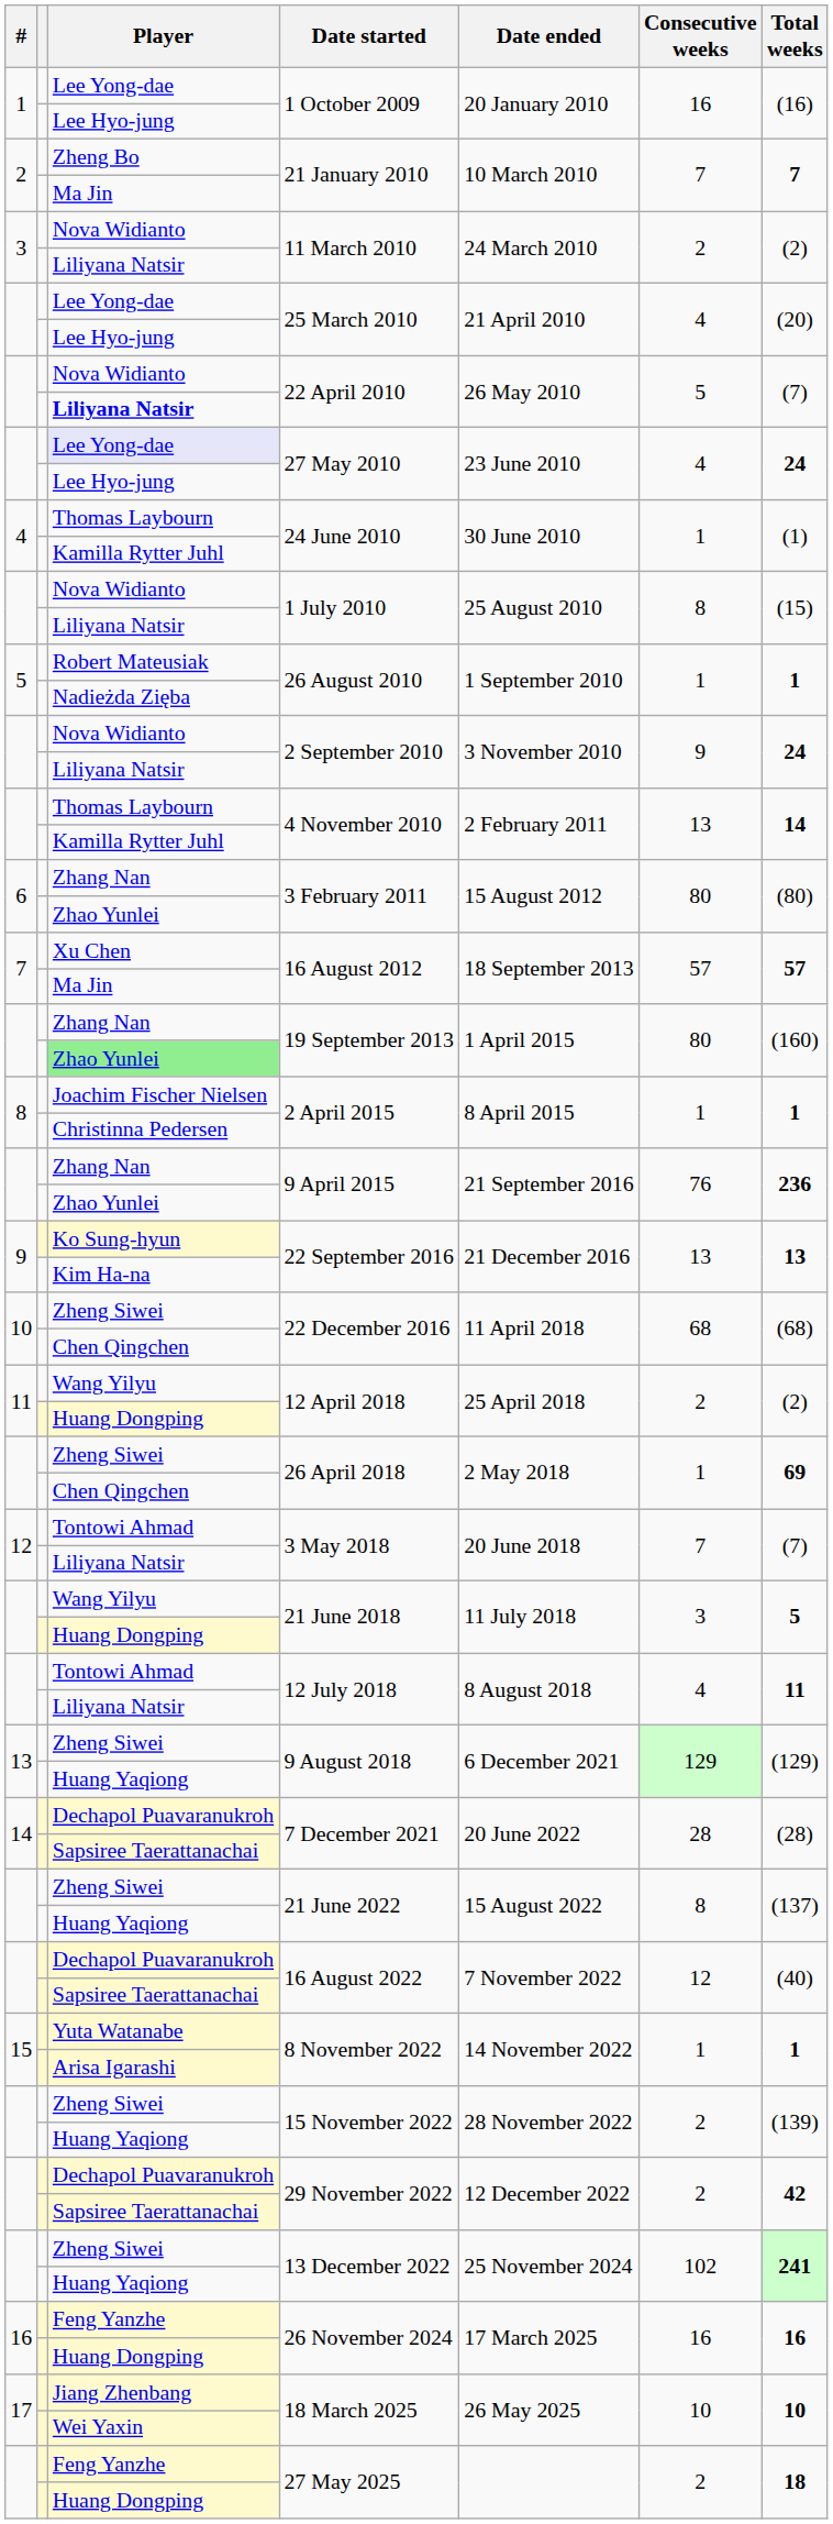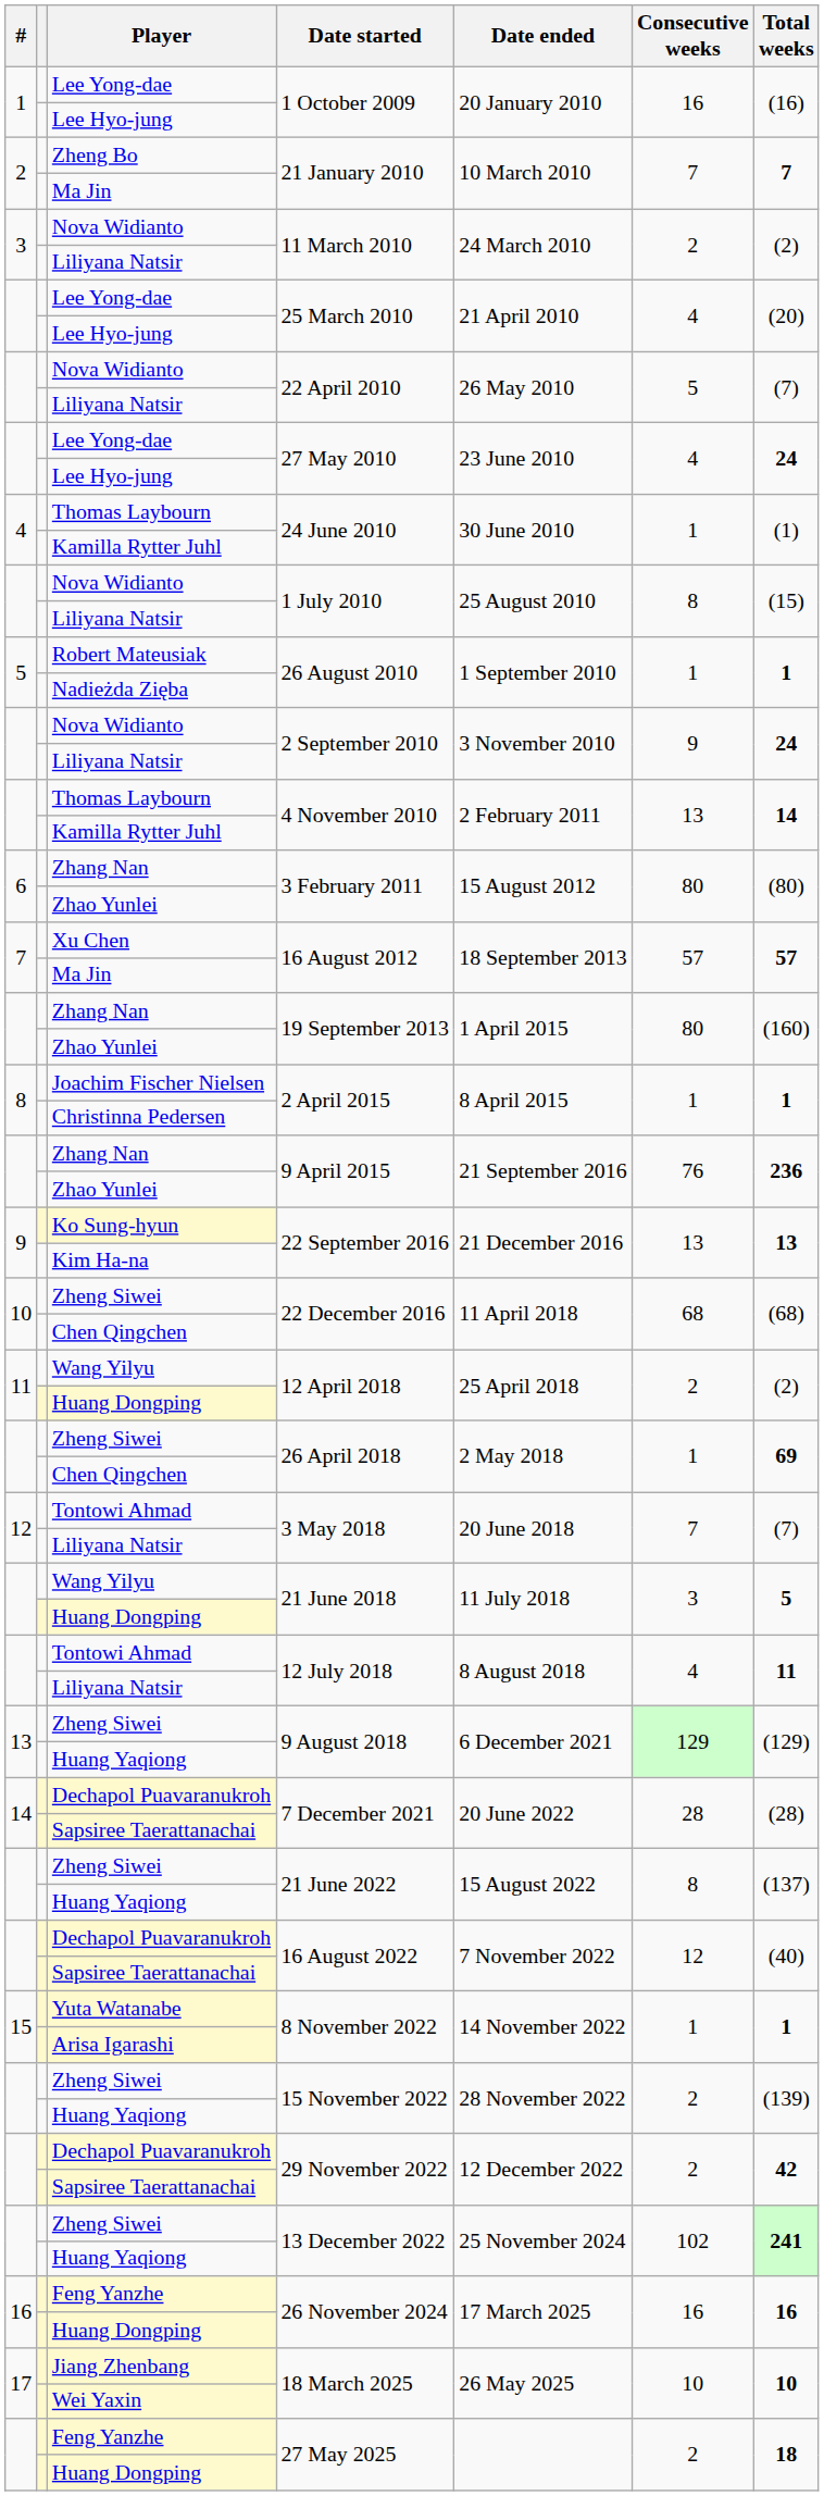 <table class="sortable wikitable" style="font-size:90%; text-align:center">
 <tr>
 <th>#</th>
 <th></th>
 <th>Player</th>
 <th>Date started</th>
 <th>Date ended</th>
 <th>Consecutive<br>weeks</th>
 <th>Total<br>weeks</th>
 </tr>
 <tr>
 <td rowspan="2">1</td>
 <td></td>
 <td align="left"><a href='#'>Lee Yong-dae</a></td>
 <td align="left" rowspan="2">1 October 2009</td>
 <td align="left" rowspan="2">20 January 2010</td>
 <td rowspan="2">16</td>
 <td rowspan="2">(16)</td>
 </tr>
 <tr>
 <td></td>
 <td align="left"><a href='#'>Lee Hyo-jung</a></td>
 </tr>
 <tr>
 <td rowspan="2">2</td>
 <td></td>
 <td align="left"><a href='#'>Zheng Bo</a></td>
 <td align="left" rowspan="2">21 January 2010</td>
 <td align="left" rowspan="2">10 March 2010</td>
 <td rowspan="2">7</td>
 <td rowspan="2"><strong>7</strong></td>
 </tr>
 <tr>
 <td></td>
 <td align="left"><a href='#'>Ma Jin</a></td>
 </tr>
 <tr>
 <td rowspan="2">3</td>
 <td></td>
 <td align="left"><a href='#'>Nova Widianto</a></td>
 <td align="left" rowspan="2">11 March 2010</td>
 <td align="left" rowspan="2">24 March 2010</td>
 <td rowspan="2">2</td>
 <td rowspan="2">(2)</td>
 </tr>
 <tr>
 <td></td>
 <td align="left"><a href='#'>Liliyana Natsir</a></td>
 </tr>
 <tr>
 <td rowspan="2"></td>
 <td></td>
 <td align="left"><a href='#'>Lee Yong-dae</a></td>
 <td align="left" rowspan="2">25 March 2010</td>
 <td align="left" rowspan="2">21 April 2010</td>
 <td rowspan="2">4</td>
 <td rowspan="2">(20)</td>
 </tr>
 <tr>
 <td></td>
 <td align="left"><a href='#'>Lee Hyo-jung</a></td>
 </tr>
 <tr>
 <td rowspan="2"></td>
 <td></td>
 <td align="left"><a href='#'>Nova Widianto</a></td>
 <td align="left" rowspan="2">22 April 2010</td>
 <td align="left" rowspan="2">26 May 2010</td>
 <td rowspan="2">5</td>
 <td rowspan="2">(7)</td>
 </tr>
 <tr>
 <td></td>
-<td align="left"><strong><a href='#'>Liliyana Natsir</a></strong></td>
+<td align="left"><a href='#'>Liliyana Natsir</a></td>
 </tr>
 <tr>
 <td rowspan="2"></td>
 <td></td>
-<td align="left" style="background: lavender;"><a href='#'>Lee Yong-dae</a></td>
+<td align="left"><a href='#'>Lee Yong-dae</a></td>
 <td align="left" rowspan="2">27 May 2010</td>
 <td align="left" rowspan="2">23 June 2010</td>
 <td rowspan="2">4</td>
 <td rowspan="2"><strong>24</strong></td>
 </tr>
 <tr>
 <td></td>
 <td align="left"><a href='#'>Lee Hyo-jung</a></td>
 </tr>
 <tr>
 <td rowspan="2">4</td>
 <td></td>
 <td align="left"><a href='#'>Thomas Laybourn</a></td>
 <td align="left" rowspan="2">24 June 2010</td>
 <td align="left" rowspan="2">30 June 2010</td>
 <td rowspan="2">1</td>
 <td rowspan="2">(1)</td>
 </tr>
 <tr>
 <td></td>
 <td align="left"><a href='#'>Kamilla Rytter Juhl</a></td>
 </tr>
 <tr>
 <td rowspan="2"></td>
 <td></td>
 <td align="left"><a href='#'>Nova Widianto</a></td>
 <td align="left" rowspan="2">1 July 2010</td>
 <td align="left" rowspan="2">25 August 2010</td>
 <td rowspan="2">8</td>
 <td rowspan="2">(15)</td>
 </tr>
 <tr>
 <td></td>
 <td align="left"><a href='#'>Liliyana Natsir</a></td>
 </tr>
 <tr>
 <td rowspan="2">5</td>
 <td></td>
 <td align="left"><a href='#'>Robert Mateusiak</a></td>
 <td align="left" rowspan="2">26 August 2010</td>
 <td align="left" rowspan="2">1 September 2010</td>
 <td rowspan="2">1</td>
 <td rowspan="2"><strong>1</strong></td>
 </tr>
 <tr>
 <td></td>
 <td align="left"><a href='#'>Nadieżda Zięba</a></td>
 </tr>
 <tr>
 <td rowspan="2"></td>
 <td></td>
 <td align="left"><a href='#'>Nova Widianto</a></td>
 <td align="left" rowspan="2">2 September 2010</td>
 <td align="left" rowspan="2">3 November 2010</td>
 <td rowspan="2">9</td>
 <td rowspan="2"><strong>24</strong></td>
 </tr>
 <tr>
 <td></td>
 <td align="left"><a href='#'>Liliyana Natsir</a></td>
 </tr>
 <tr>
 <td rowspan="2"></td>
 <td></td>
 <td align="left"><a href='#'>Thomas Laybourn</a></td>
 <td align="left" rowspan="2">4 November 2010</td>
 <td align="left" rowspan="2">2 February 2011</td>
 <td rowspan="2">13</td>
 <td rowspan="2"><strong>14</strong></td>
 </tr>
 <tr>
 <td></td>
 <td align="left"><a href='#'>Kamilla Rytter Juhl</a></td>
 </tr>
 <tr>
 <td rowspan="2">6</td>
 <td></td>
 <td align="left"><a href='#'>Zhang Nan</a></td>
 <td align="left" rowspan="2">3 February 2011</td>
 <td align="left" rowspan="2">15 August 2012</td>
 <td rowspan="2">80</td>
 <td rowspan="2">(80)</td>
 </tr>
 <tr>
 <td></td>
 <td align="left"><a href='#'>Zhao Yunlei</a></td>
 </tr>
 <tr>
 <td rowspan="2">7</td>
 <td></td>
 <td align="left"><a href='#'>Xu Chen</a></td>
 <td align="left" rowspan="2">16 August 2012</td>
 <td align="left" rowspan="2">18 September 2013</td>
 <td rowspan="2">57</td>
 <td rowspan="2"><strong>57</strong></td>
 </tr>
 <tr>
 <td></td>
 <td align="left"><a href='#'>Ma Jin</a></td>
 </tr>
 <tr>
 <td rowspan="2"></td>
 <td></td>
 <td align="left"><a href='#'>Zhang Nan</a></td>
 <td align="left" rowspan="2">19 September 2013</td>
 <td align="left" rowspan="2">1 April 2015</td>
 <td rowspan="2">80</td>
 <td rowspan="2">(160)</td>
 </tr>
 <tr>
 <td></td>
-<td align="left" style="background: lightgreen;"><a href='#'>Zhao Yunlei</a></td>
+<td align="left"><a href='#'>Zhao Yunlei</a></td>
 </tr>
 <tr>
 <td rowspan="2">8</td>
 <td></td>
 <td align="left"><a href='#'>Joachim Fischer Nielsen</a></td>
 <td align="left" rowspan="2">2 April 2015</td>
 <td align="left" rowspan="2">8 April 2015</td>
 <td rowspan="2">1</td>
 <td rowspan="2"><strong>1</strong></td>
 </tr>
 <tr>
 <td></td>
 <td align="left"><a href='#'>Christinna Pedersen</a></td>
 </tr>
 <tr>
 <td rowspan="2"></td>
 <td></td>
 <td align="left"><a href='#'>Zhang Nan</a></td>
 <td align="left" rowspan="2">9 April 2015</td>
 <td align="left" rowspan="2">21 September 2016</td>
 <td rowspan="2">76</td>
 <td rowspan="2"><strong>236</strong></td>
 </tr>
 <tr>
 <td></td>
 <td align="left"><a href='#'>Zhao Yunlei</a></td>
 </tr>
 <tr>
 <td rowspan="2">9</td>
 <td bgcolor="#FFFACD"></td>
 <td align="left" bgcolor="#FFFACD"><a href='#'>Ko Sung-hyun</a></td>
 <td align="left" rowspan="2">22 September 2016</td>
 <td align="left" rowspan="2">21 December 2016</td>
 <td rowspan="2">13</td>
 <td rowspan="2"><strong>13</strong></td>
 </tr>
 <tr>
 <td></td>
 <td align="left"><a href='#'>Kim Ha-na</a></td>
 </tr>
 <tr>
 <td rowspan="2">10</td>
 <td></td>
 <td align="left"><a href='#'>Zheng Siwei</a></td>
 <td align="left" rowspan="2">22 December 2016</td>
 <td align="left" rowspan="2">11 April 2018</td>
 <td rowspan="2">68</td>
 <td rowspan="2">(68)</td>
 </tr>
 <tr>
 <td></td>
 <td align="left"><a href='#'>Chen Qingchen</a></td>
 </tr>
 <tr>
 <td rowspan="2">11</td>
 <td></td>
 <td align="left"><a href='#'>Wang Yilyu</a></td>
 <td align="left" rowspan="2">12 April 2018</td>
 <td align="left" rowspan="2">25 April 2018</td>
 <td rowspan="2">2</td>
 <td rowspan="2">(2)</td>
 </tr>
 <tr>
 <td bgcolor="#FFFACD"></td>
 <td align="left" bgcolor="#FFFACD"><a href='#'>Huang Dongping</a></td>
 </tr>
 <tr>
 <td rowspan="2"></td>
 <td></td>
 <td align="left"><a href='#'>Zheng Siwei</a></td>
 <td align="left" rowspan="2">26 April 2018</td>
 <td align="left" rowspan="2">2 May 2018</td>
 <td rowspan="2">1</td>
 <td rowspan="2"><strong>69</strong></td>
 </tr>
 <tr>
 <td></td>
 <td align="left"><a href='#'>Chen Qingchen</a></td>
 </tr>
 <tr>
 <td rowspan="2">12</td>
 <td></td>
 <td align="left"><a href='#'>Tontowi Ahmad</a></td>
 <td align="left" rowspan="2">3 May 2018</td>
 <td align="left" rowspan="2">20 June 2018</td>
 <td rowspan="2">7</td>
 <td rowspan="2">(7)</td>
 </tr>
 <tr>
 <td></td>
 <td align="left"><a href='#'>Liliyana Natsir</a></td>
 </tr>
 <tr>
 <td rowspan="2"></td>
 <td></td>
 <td align="left"><a href='#'>Wang Yilyu</a></td>
 <td align="left" rowspan="2">21 June 2018</td>
 <td align="left" rowspan="2">11 July 2018</td>
 <td rowspan="2">3</td>
 <td rowspan="2"><strong>5</strong></td>
 </tr>
 <tr>
 <td bgcolor="#FFFACD"></td>
 <td align="left" bgcolor="#FFFACD"><a href='#'>Huang Dongping</a></td>
 </tr>
 <tr>
 <td rowspan="2"></td>
 <td></td>
 <td align="left"><a href='#'>Tontowi Ahmad</a></td>
 <td align="left" rowspan="2">12 July 2018</td>
 <td align="left" rowspan="2">8 August 2018</td>
 <td rowspan="2">4</td>
 <td rowspan="2"><strong>11</strong></td>
 </tr>
 <tr>
 <td></td>
 <td align="left"><a href='#'>Liliyana Natsir</a></td>
 </tr>
 <tr>
 <td rowspan="2">13</td>
 <td></td>
 <td align="left"><a href='#'>Zheng Siwei</a></td>
 <td align="left" rowspan="2">9 August 2018</td>
 <td align="left" rowspan="2">6 December 2021</td>
 <td bgcolor="#ccffcc" rowspan="2">129</td>
 <td rowspan="2">(129)</td>
 </tr>
 <tr>
 <td></td>
 <td align="left"><a href='#'>Huang Yaqiong</a></td>
 </tr>
 <tr>
 <td rowspan="2">14</td>
 <td bgcolor="#FFFACD"></td>
 <td align="left" bgcolor="#FFFACD"><a href='#'>Dechapol Puavaranukroh</a></td>
 <td align="left" rowspan="2">7 December 2021</td>
 <td align="left" rowspan="2">20 June 2022</td>
 <td rowspan="2">28</td>
 <td rowspan="2">(28)</td>
 </tr>
 <tr>
 <td bgcolor="#FFFACD"></td>
 <td align="left" bgcolor="#FFFACD"><a href='#'>Sapsiree Taerattanachai</a></td>
 </tr>
 <tr>
 <td rowspan="2"></td>
 <td></td>
 <td align="left"><a href='#'>Zheng Siwei</a></td>
 <td align="left" rowspan="2">21 June 2022</td>
 <td align="left" rowspan="2">15 August 2022</td>
 <td rowspan="2">8</td>
 <td rowspan="2">(137)</td>
 </tr>
 <tr>
 <td></td>
 <td align="left"><a href='#'>Huang Yaqiong</a></td>
 </tr>
 <tr>
 <td rowspan="2"></td>
 <td bgcolor="#FFFACD"></td>
 <td align="left" bgcolor="#FFFACD"><a href='#'>Dechapol Puavaranukroh</a></td>
 <td align="left" rowspan="2">16 August 2022</td>
 <td align="left" rowspan="2">7 November 2022</td>
 <td rowspan="2">12</td>
 <td rowspan="2">(40)</td>
 </tr>
 <tr>
 <td bgcolor="#FFFACD"></td>
 <td align="left" bgcolor="#FFFACD"><a href='#'>Sapsiree Taerattanachai</a></td>
 </tr>
 <tr>
 <td rowspan="2">15</td>
 <td bgcolor="#FFFACD"></td>
 <td align="left" bgcolor="#FFFACD"><a href='#'>Yuta Watanabe</a></td>
 <td align="left" rowspan="2">8 November 2022</td>
 <td align="left" rowspan="2">14 November 2022</td>
 <td rowspan="2">1</td>
 <td rowspan="2"><strong>1</strong></td>
 </tr>
 <tr>
 <td bgcolor="#FFFACD"></td>
 <td align="left" bgcolor="#FFFACD"><a href='#'>Arisa Igarashi</a></td>
 </tr>
 <tr>
 <td rowspan="2"></td>
 <td></td>
 <td align="left"><a href='#'>Zheng Siwei</a></td>
 <td align="left" rowspan="2">15 November 2022</td>
 <td align="left" rowspan="2">28 November 2022</td>
 <td rowspan="2">2</td>
 <td rowspan="2">(139)</td>
 </tr>
 <tr>
 <td></td>
 <td align="left"><a href='#'>Huang Yaqiong</a></td>
 </tr>
 <tr>
 <td rowspan="2"></td>
 <td bgcolor="#FFFACD"></td>
 <td align="left" bgcolor="#FFFACD"><a href='#'>Dechapol Puavaranukroh</a></td>
 <td align="left" rowspan="2">29 November 2022</td>
 <td align="left" rowspan="2">12 December 2022</td>
 <td rowspan="2">2</td>
 <td rowspan="2"><strong>42</strong></td>
 </tr>
 <tr>
 <td bgcolor="#FFFACD"></td>
 <td align="left" bgcolor="#FFFACD"><a href='#'>Sapsiree Taerattanachai</a></td>
 </tr>
 <tr>
 <td rowspan="2"></td>
 <td></td>
 <td align="left"><a href='#'>Zheng Siwei</a></td>
 <td align="left" rowspan="2">13 December 2022</td>
 <td align="left" rowspan="2">25 November 2024</td>
 <td rowspan="2">102</td>
 <td bgcolor="#ccffcc" rowspan="2"><strong>241</strong></td>
 </tr>
 <tr>
 <td></td>
 <td align="left"><a href='#'>Huang Yaqiong</a></td>
 </tr>
 <tr>
 <td rowspan="2">16</td>
 <td bgcolor="#FFFACD"></td>
 <td align="left" bgcolor="#FFFACD"><a href='#'>Feng Yanzhe</a></td>
 <td align="left" rowspan="2">26 November 2024</td>
 <td align="left" rowspan="2">17 March 2025</td>
 <td rowspan="2">16</td>
 <td rowspan="2"><strong>16</strong></td>
 </tr>
 <tr>
 <td bgcolor="#FFFACD"></td>
 <td align="left" bgcolor="#FFFACD"><a href='#'>Huang Dongping</a></td>
 </tr>
 <tr>
 <td rowspan="2">17</td>
 <td bgcolor="#FFFACD"></td>
 <td align="left" bgcolor="#FFFACD"><a href='#'>Jiang Zhenbang</a></td>
 <td align="left" rowspan="2">18 March 2025</td>
 <td align="left" rowspan="2">26 May 2025</td>
 <td rowspan="2">10</td>
 <td rowspan="2"><strong>10</strong></td>
 </tr>
 <tr>
 <td bgcolor="#FFFACD"></td>
 <td align="left" bgcolor="#FFFACD"><a href='#'>Wei Yaxin</a></td>
 </tr>
 <tr>
 <td rowspan="2"></td>
 <td bgcolor="#FFFACD"></td>
 <td align="left" bgcolor="#FFFACD"><a href='#'>Feng Yanzhe</a></td>
 <td align="left" rowspan="2">27 May 2025</td>
 <td align="left" rowspan="2"></td>
 <td rowspan="2">2</td>
 <td rowspan="2"><strong>18</strong></td>
 </tr>
 <tr>
 <td bgcolor="#FFFACD"></td>
 <td align="left" bgcolor="#FFFACD"><a href='#'>Huang Dongping</a></td>
 </tr>
 </table>
